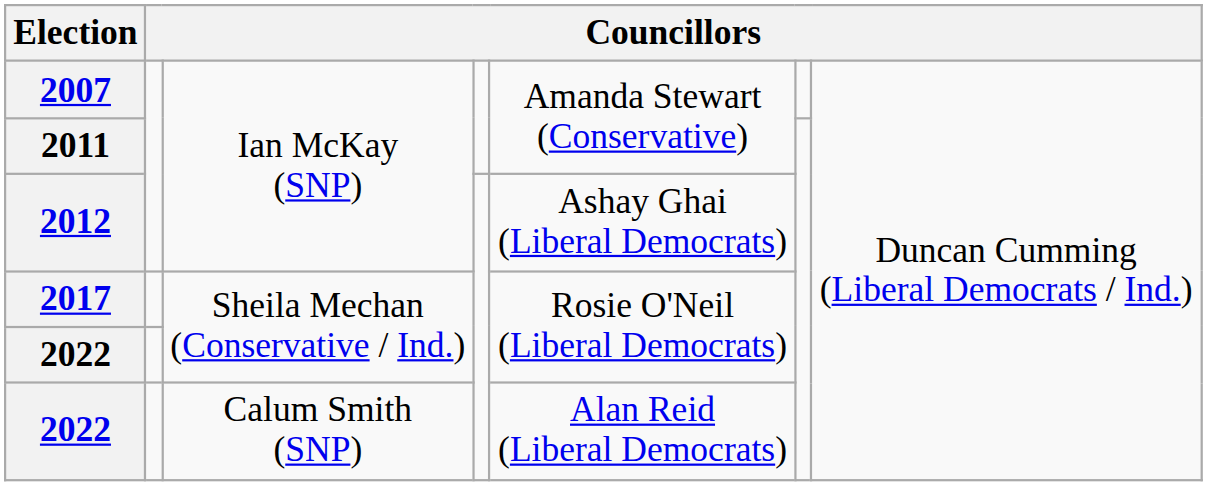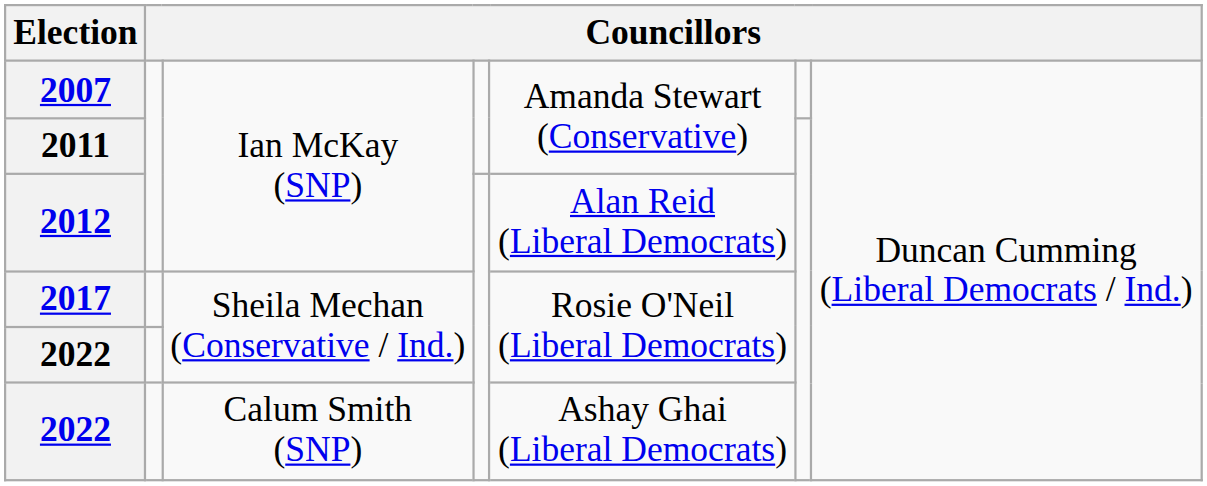 <table class="wikitable" style="text-align:center">
 <tr>
 <th>Election</th>
 <th colspan=6>Councillors</th>
 </tr>
 <tr>
 <th><a href='#'>2007</a></th>
 <td rowspan=3; style="background-color: "></td>
 <td rowspan=3>Ian McKay<br>(<a href='#'>SNP</a>)</td>
 <td rowspan=2; style="background-color: "></td>
 <td rowspan=2>Amanda Stewart<br>(<a href='#'>Conservative</a>)</td>
 <td rowspan=1; style="background-color: "></td>
 <td rowspan=6>Duncan Cumming<br>(<a href='#'>Liberal Democrats</a> / <a href='#'>Ind.</a>)</td>
 </tr>
 <tr>
 <th>2011</th>
 <td rowspan=5; style="background-color: "></td>
 </tr>
 <tr>
 <th><a href='#'>2012</a></th>
 <td rowspan=4; style="background-color: "></td>
-<td rowspan=1>Ashay Ghai<br>(<a href='#'>Liberal Democrats</a>)</td>
+<td rowspan=1><a href='#'>Alan Reid</a><br>(<a href='#'>Liberal Democrats</a>)</td>
 </tr>
 <tr>
 <th><a href='#'>2017</a></th>
 <td rowspan=1; style="background-color: "></td>
 <td rowspan=2>Sheila Mechan<br>(<a href='#'>Conservative</a> / <a href='#'>Ind.</a>)</td>
 <td rowspan=2>Rosie O'Neil<br>(<a href='#'>Liberal Democrats</a>)</td>
 </tr>
 <tr>
 <th>2022</th>
 <td rowspan=1; style="background-color: "></td>
 </tr>
 <tr>
 <th><a href='#'>2022</a></th>
 <td rowspan=1; style="background-color: "></td>
 <td rowspan=1>Calum Smith<br>(<a href='#'>SNP</a>)</td>
-<td rowspan=1><a href='#'>Alan Reid</a><br>(<a href='#'>Liberal Democrats</a>)</td>
+<td rowspan=1>Ashay Ghai<br>(<a href='#'>Liberal Democrats</a>)</td>
 </tr>
 </table>
